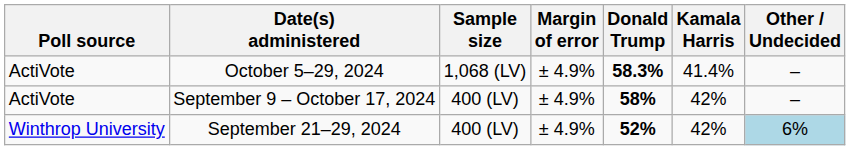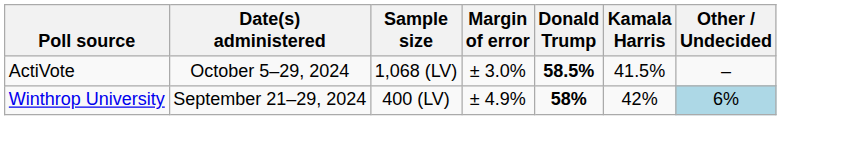 <table class="wikitable sortable mw-datatable" style="font-size:90%;text-align:center;line-height:17px">
 <tr valign=bottom>
 <th>Poll source</th>
 <th>Date(s)<br>administered</th>
 <th>Sample<br>size</th>
 <th>Margin<br>of error</th>
 <th class="unsortable">Donald<br>Trump<br></th>
 <th class="unsortable">Kamala<br>Harris<br></th>
 <th class="unsortable">Other /<br>Undecided</th>
 </tr>
 <tr>
 <td style="text-align:left">ActiVote</td>
 <td data-sort-value="2024-10-28">October 5–29, 2024</td>
 <td>1,068 (LV)</td>
-<td>± 4.9%</td>
-<td style="background-color:"><strong>58.3%</strong></td>
-<td>41.4%</td>
-<td>–</td>
-</tr>
-<tr>
-<td style="text-align:left">ActiVote</td>
-<td data-sort-value="2024-02-15">September 9 – October 17, 2024</td>
-<td>400 (LV)</td>
-<td>± 4.9%</td>
-<td style="background-color:"><strong>58%</strong></td>
-<td>42%</td>
+<td>± 3.0%</td>
+<td style="background-color:"><strong>58.5%</strong></td>
+<td>41.5%</td>
 <td>–</td>
 </tr>
 <tr>
 <td style="text-align:left;"><a href='#'>Winthrop University</a></td>
 <td data-sort-value="2024-02-15">September 21–29, 2024</td>
 <td>400 (LV)</td>
 <td>± 4.9%</td>
-<td style="background-color:"><strong>52%</strong></td>
+<td style="background-color:"><strong>58%</strong></td>
 <td>42%</td>
 <td style="background: lightblue;">6%</td>
 </tr>
 </table>
